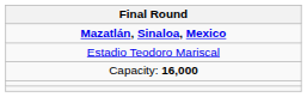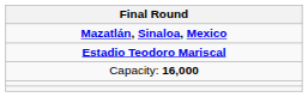 <table class="wikitable" style="text-align:center; margin-left: auto; margin-right: auto; border: none;" width=400>
 <tr>
 <th width=25%>Final Round</th>
 </tr>
 <tr>
 <td> <strong><a href='#'>Mazatlán</a>, <a href='#'>Sinaloa</a>, <a href='#'>Mexico</a></strong></td>
 </tr>
 <tr>
-<td><a href='#'>Estadio Teodoro Mariscal</a></td>
+<td><strong><a href='#'>Estadio Teodoro Mariscal</a></strong></td>
 </tr>
 <tr>
 <td>Capacity: <strong>16,000</strong></td>
 </tr>
 <tr>
 <td></td>
 </tr>
 <tr>
 <td></td>
 </tr>
 </table>
